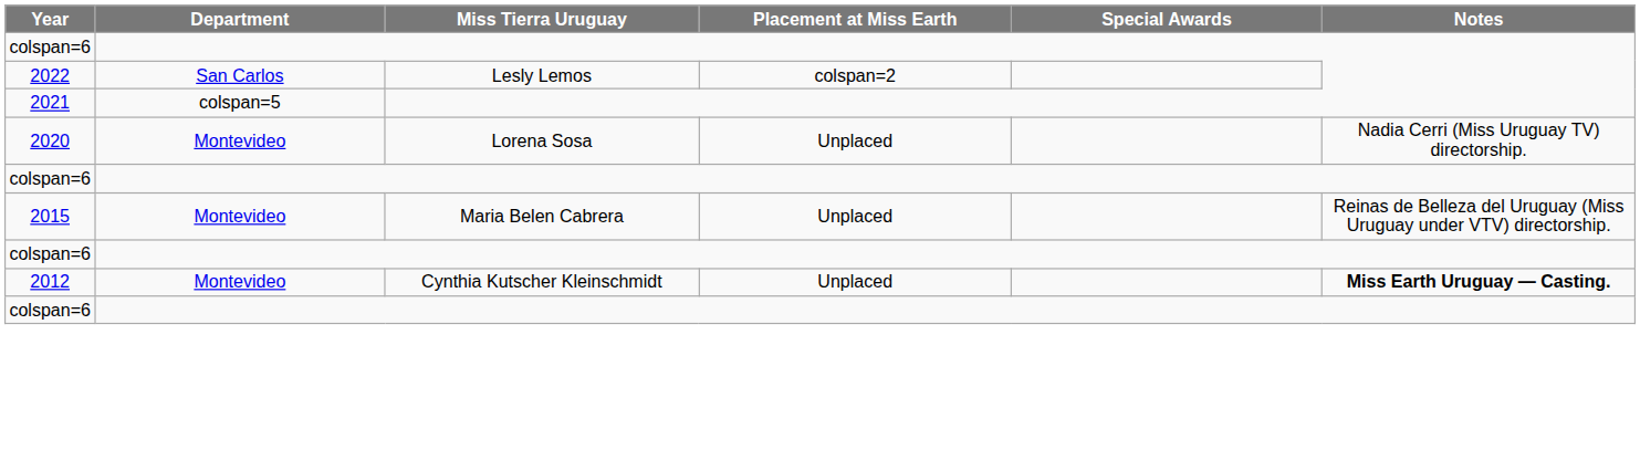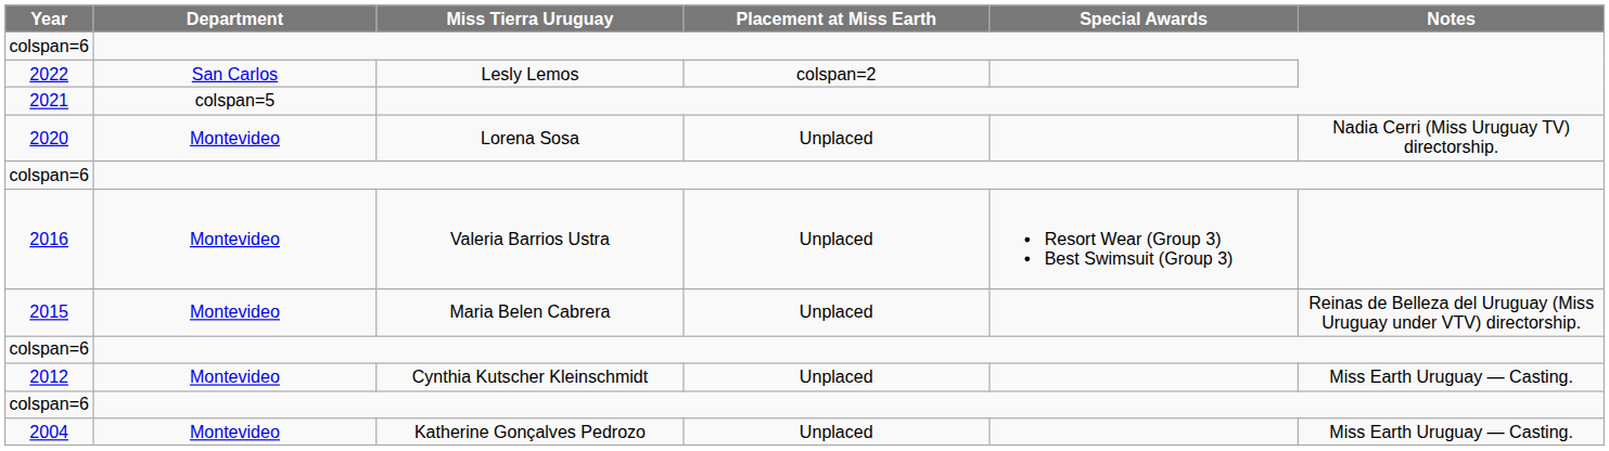 <table class="wikitable " style="font-size: 85%; text-align:center">
 <tr>
 <th style="width:60px; background:#787878; color:#fff;">Year</th>
 <th style="width:230px; background:#787878; color:#fff;">Department</th>
 <th style="width:250px; background:#787878; color:#fff;">Miss Tierra Uruguay</th>
 <th style="width:250px; background:#787878; color:#fff;">Placement at Miss Earth</th>
 <th style="width:250px; background:#787878; color:#fff;">Special Awards</th>
 <th style="width:250px; background:#787878; color:#fff;">Notes</th>
 </tr>
 <tr>
 <td>colspan=6 </td>
 </tr>
 <tr>
 <td><a href='#'>2022</a></td>
 <td><a href='#'>San Carlos</a></td>
 <td>Lesly Lemos</td>
 <td>colspan=2 </td>
 <td></td>
 </tr>
 <tr>
 <td><a href='#'>2021</a></td>
 <td>colspan=5 </td>
 </tr>
 <tr>
 <td><a href='#'>2020</a></td>
 <td><a href='#'>Montevideo</a></td>
 <td>Lorena Sosa</td>
 <td>Unplaced</td>
 <td></td>
 <td>Nadia Cerri (Miss Uruguay TV) directorship.</td>
 </tr>
 <tr>
 <td>colspan=6 </td>
 </tr>
 <tr>
+<td><a href='#'>2016</a></td>
+<td><a href='#'>Montevideo</a></td>
+<td>Valeria Barrios Ustra</td>
+<td>Unplaced</td>
+<td style="text-align:left;"><br><ul><li> Resort Wear (Group 3)</li><li> Best Swimsuit (Group 3)</li></ul></td>
+<td></td>
+</tr>
+<tr>
 <td><a href='#'>2015</a></td>
 <td><a href='#'>Montevideo</a></td>
 <td>Maria Belen Cabrera</td>
 <td>Unplaced</td>
 <td></td>
 <td>Reinas de Belleza del Uruguay (Miss Uruguay under VTV) directorship.</td>
 </tr>
 <tr>
 <td>colspan=6 </td>
 </tr>
 <tr>
 <td><a href='#'>2012</a></td>
 <td><a href='#'>Montevideo</a></td>
 <td>Cynthia Kutscher Kleinschmidt</td>
 <td>Unplaced</td>
 <td></td>
-<td><strong>Miss Earth Uruguay — Casting.</strong></td>
+<td>Miss Earth Uruguay — Casting.</td>
 </tr>
 <tr>
 <td>colspan=6 </td>
 </tr>
+<tr>
+<td><a href='#'>2004</a></td>
+<td><a href='#'>Montevideo</a></td>
+<td>Katherine Gonçalves Pedrozo</td>
+<td>Unplaced</td>
+<td></td>
+<td>Miss Earth Uruguay — Casting.</td>
+</tr>
 </table>
